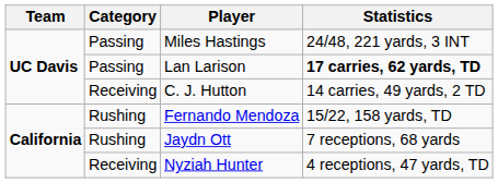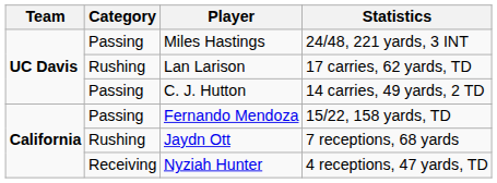 <table class="wikitable" style="float: right;">
 <tr>
 <th>Team</th>
 <th>Category</th>
 <th>Player</th>
 <th>Statistics</th>
 </tr>
 <tr>
 <td rowspan=3><strong>UC Davis</strong></td>
 <td>Passing</td>
 <td>Miles Hastings</td>
 <td>24/48, 221 yards, 3 INT</td>
 </tr>
 <tr>
-<td>Passing</td>
+<td>Rushing</td>
 <td>Lan Larison</td>
-<td><strong>17 carries, 62 yards, TD</strong></td>
+<td>17 carries, 62 yards, TD</td>
 </tr>
 <tr>
-<td>Receiving</td>
+<td>Passing</td>
 <td>C. J. Hutton</td>
 <td>14 carries, 49 yards, 2 TD</td>
 </tr>
 <tr>
 <td rowspan=3><strong>California</strong></td>
-<td>Rushing</td>
+<td>Passing</td>
 <td><a href='#'>Fernando Mendoza</a></td>
 <td>15/22, 158 yards, TD</td>
 </tr>
 <tr>
 <td>Rushing</td>
 <td><a href='#'>Jaydn Ott</a></td>
 <td>7 receptions, 68 yards</td>
 </tr>
 <tr>
 <td>Receiving</td>
 <td><a href='#'>Nyziah Hunter</a></td>
 <td>4 receptions, 47 yards, TD</td>
 </tr>
 </table>
